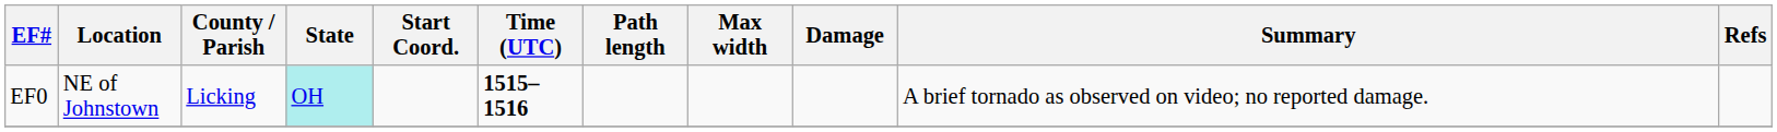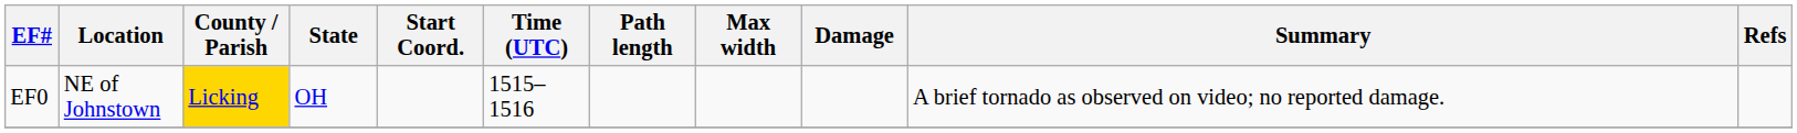 <table class="wikitable sortable" style="width:100%;">
 <tr>
 <th scope="col" width="3%" align="center"><a href='#'>EF#</a></th>
 <th scope="col" width="7%" align="center" class="unsortable">Location</th>
 <th scope="col" width="6%" align="center" class="unsortable">County / Parish</th>
 <th scope="col" width="5%" align="center">State</th>
 <th scope="col" width="6%" align="center">Start Coord.</th>
 <th scope="col" width="6%" align="center">Time (<a href='#'>UTC</a>)</th>
 <th scope="col" width="6%" align="center">Path length</th>
 <th scope="col" width="6%" align="center">Max width</th>
 <th scope="col" width="6%" align="center">Damage</th>
 <th scope="col" width="48%" class="unsortable" align="center">Summary</th>
 <th scope="col" width="48%" class="unsortable" align="center">Refs</th>
 </tr>
 <tr>
 <td>EF0</td>
 <td>NE of <a href='#'>Johnstown</a></td>
-<td><a href='#'>Licking</a></td>
-<td style="background: paleturquoise;"><a href='#'>OH</a></td>
+<td style="background: gold;"><a href='#'>Licking</a></td>
+<td><a href='#'>OH</a></td>
 <td></td>
-<td><strong>1515–1516</strong></td>
+<td>1515–1516</td>
 <td></td>
 <td></td>
 <td></td>
 <td>A brief tornado as observed on video; no reported damage.</td>
 <td></td>
 </tr>
 <tr>
 </tr>
 </table>
